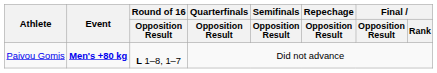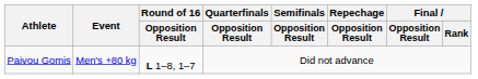 <table class=wikitable style=font-size:90%;text-align:center>
 <tr>
 <th rowspan=2>Athlete</th>
 <th rowspan=2>Event</th>
 <th>Round of 16</th>
 <th>Quarterfinals</th>
 <th>Semifinals</th>
 <th>Repechage</th>
 <th colspan=2>Final / </th>
 </tr>
 <tr style=font-size:95%>
 <th>Opposition<br>Result</th>
 <th>Opposition<br>Result</th>
 <th>Opposition<br>Result</th>
 <th>Opposition<br>Result</th>
 <th>Opposition<br>Result</th>
 <th>Rank</th>
 </tr>
 <tr>
 <td align=left><a href='#'>Paivou Gomis</a></td>
-<td align=left><strong><a href='#'>Men's +80 kg</a></strong></td>
+<td align=left><a href='#'>Men's +80 kg</a></td>
 <td><br><strong>L</strong> 1–8, 1–7</td>
 <td colspan="5">Did not advance</td>
 </tr>
 </table>
